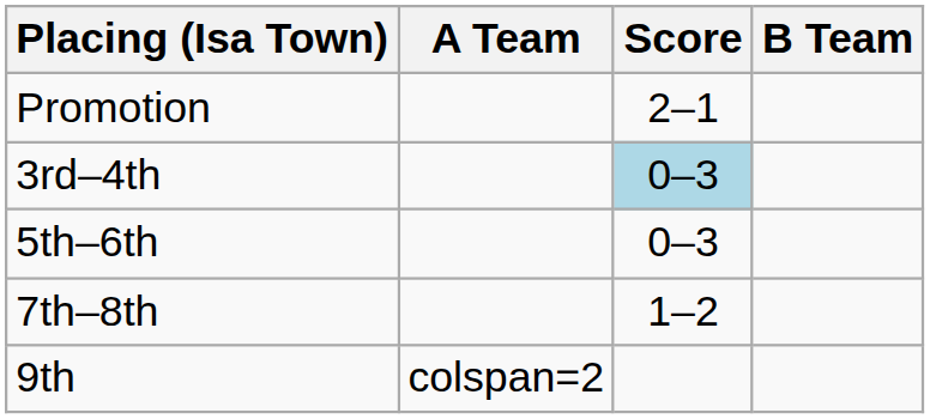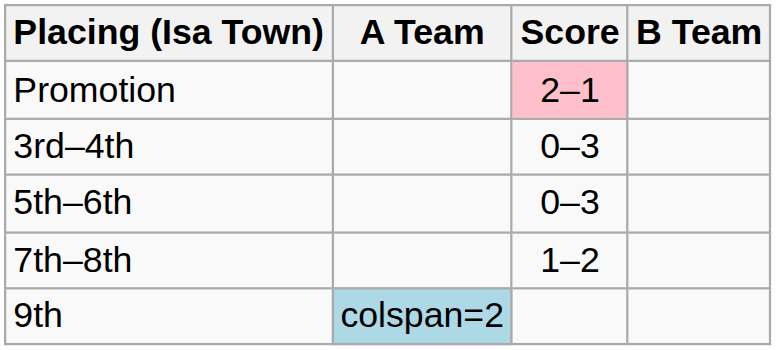 <table class=wikitable style="border:1px solid #AAAAAA;">
 <tr>
 <th>Placing (Isa Town)</th>
 <th>A Team</th>
 <th>Score</th>
 <th>B Team</th>
 </tr>
 <tr>
 <td>Promotion</td>
 <td><strong></strong></td>
-<td align="center">2–1</td>
+<td align="center" style="background: pink;">2–1</td>
 <td></td>
 </tr>
 <tr>
 <td>3rd–4th</td>
 <td></td>
-<td align="center" style="background: lightblue;">0–3</td>
+<td align="center">0–3</td>
 <td><strong></strong></td>
 </tr>
 <tr>
 <td>5th–6th</td>
 <td></td>
 <td align="center">0–3</td>
 <td><strong></strong></td>
 </tr>
 <tr>
 <td>7th–8th</td>
 <td></td>
 <td align="center">1–2</td>
 <td><strong></strong></td>
 </tr>
 <tr>
 <td>9th</td>
-<td>colspan=2 </td>
+<td style="background: lightblue;">colspan=2 </td>
 <td></td>
 </tr>
 </table>
